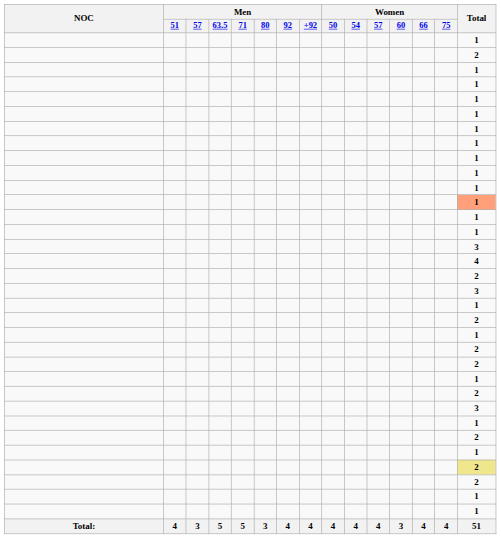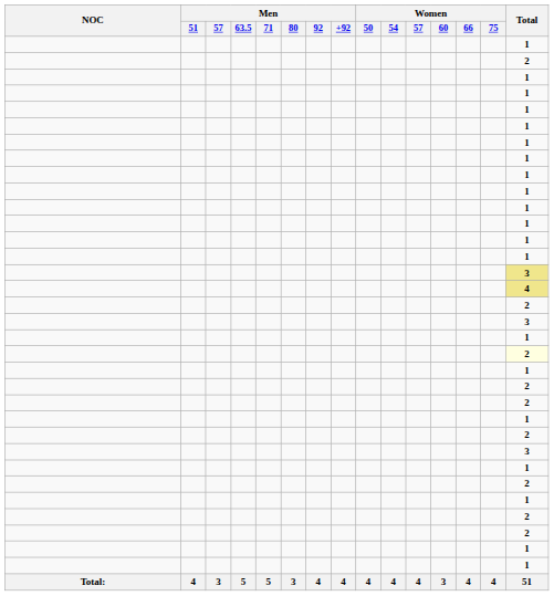 <table class="wikitable" style="text-align:center; font-size:90%">
 <tr>
 <th rowspan=2 width=250>NOC</th>
 <th colspan=7>Men</th>
 <th colspan=6>Women</th>
 <th rowspan=2 width=55>Total</th>
 </tr>
 <tr style="font-size: 95%">
 <th width=30><a href='#'>51</a></th>
 <th width=30><a href='#'>57</a></th>
 <th width=30><a href='#'>63.5</a></th>
 <th width=30><a href='#'>71</a></th>
 <th width=30><a href='#'>80</a></th>
 <th width=30><a href='#'>92</a></th>
 <th width=30><a href='#'>+92</a></th>
 <th width=30><a href='#'>50</a></th>
 <th width=30><a href='#'>54</a></th>
 <th width=30><a href='#'>57</a></th>
 <th width=30><a href='#'>60</a></th>
 <th width=30><a href='#'>66</a></th>
 <th width=30><a href='#'>75</a></th>
 </tr>
 <tr>
 <td align=left></td>
 <td></td>
 <td></td>
 <td></td>
 <td></td>
 <td></td>
 <td></td>
 <td></td>
 <td></td>
 <td></td>
 <td></td>
 <td></td>
 <td></td>
 <td></td>
 <td><strong>1</strong></td>
 </tr>
 <tr>
 <td align=left></td>
 <td></td>
 <td></td>
 <td></td>
 <td></td>
 <td></td>
 <td></td>
 <td></td>
 <td></td>
 <td></td>
 <td></td>
 <td></td>
 <td></td>
 <td></td>
 <td><strong>2</strong></td>
 </tr>
 <tr>
 <td align=left></td>
 <td></td>
 <td></td>
 <td></td>
 <td></td>
 <td></td>
 <td></td>
 <td></td>
 <td></td>
 <td></td>
 <td></td>
 <td></td>
 <td></td>
 <td></td>
 <td><strong>1</strong></td>
 </tr>
 <tr>
 <td align=left></td>
 <td></td>
 <td></td>
 <td></td>
 <td></td>
 <td></td>
 <td></td>
 <td></td>
 <td></td>
 <td></td>
 <td></td>
 <td></td>
 <td></td>
 <td></td>
 <td><strong>1</strong></td>
 </tr>
 <tr>
 <td align=left></td>
 <td></td>
 <td></td>
 <td></td>
 <td></td>
 <td></td>
 <td></td>
 <td></td>
 <td></td>
 <td></td>
 <td></td>
 <td></td>
 <td></td>
 <td></td>
 <td><strong>1</strong></td>
 </tr>
 <tr>
 <td align=left></td>
 <td></td>
 <td></td>
 <td></td>
 <td></td>
 <td></td>
 <td></td>
 <td></td>
 <td></td>
 <td></td>
 <td></td>
 <td></td>
 <td></td>
 <td></td>
 <td><strong>1</strong></td>
 </tr>
 <tr>
 <td align="left"></td>
 <td></td>
 <td></td>
 <td></td>
 <td></td>
 <td></td>
 <td></td>
 <td></td>
 <td></td>
 <td></td>
 <td></td>
 <td></td>
 <td></td>
 <td></td>
 <td><strong>1</strong></td>
 </tr>
 <tr>
 <td align=left></td>
 <td></td>
 <td></td>
 <td></td>
 <td></td>
 <td></td>
 <td></td>
 <td></td>
 <td></td>
 <td></td>
 <td></td>
 <td></td>
 <td></td>
 <td></td>
 <td><strong>1</strong></td>
 </tr>
 <tr>
 <td align=left></td>
 <td></td>
 <td></td>
 <td></td>
 <td></td>
 <td></td>
 <td></td>
 <td></td>
 <td></td>
 <td></td>
 <td></td>
 <td></td>
 <td></td>
 <td></td>
 <td><strong>1</strong></td>
 </tr>
 <tr>
 <td align=left></td>
 <td></td>
 <td></td>
 <td></td>
 <td></td>
 <td></td>
 <td></td>
 <td></td>
 <td></td>
 <td></td>
 <td></td>
 <td></td>
 <td></td>
 <td></td>
 <td><strong>1</strong></td>
 </tr>
 <tr>
 <td align=left></td>
 <td></td>
 <td></td>
 <td></td>
 <td></td>
 <td></td>
 <td></td>
 <td></td>
 <td></td>
 <td></td>
 <td></td>
 <td></td>
 <td></td>
 <td></td>
 <td><strong>1</strong></td>
 </tr>
 <tr>
 <td align=left></td>
 <td></td>
 <td></td>
 <td></td>
 <td></td>
 <td></td>
 <td></td>
 <td></td>
 <td></td>
 <td></td>
 <td></td>
 <td></td>
 <td></td>
 <td></td>
-<td style="background: lightsalmon;"><strong>1</strong></td>
+<td><strong>1</strong></td>
 </tr>
 <tr>
 <td align=left></td>
 <td></td>
 <td></td>
 <td></td>
 <td></td>
 <td></td>
 <td></td>
 <td></td>
 <td></td>
 <td></td>
 <td></td>
 <td></td>
 <td></td>
 <td></td>
 <td><strong>1</strong></td>
 </tr>
 <tr>
 <td align=left></td>
 <td></td>
 <td></td>
 <td></td>
 <td></td>
 <td></td>
 <td></td>
 <td></td>
 <td></td>
 <td></td>
 <td></td>
 <td></td>
 <td></td>
 <td></td>
 <td><strong>1</strong></td>
 </tr>
 <tr>
 <td align=left></td>
 <td></td>
 <td></td>
 <td></td>
 <td></td>
 <td></td>
 <td></td>
 <td></td>
 <td></td>
 <td></td>
 <td></td>
 <td></td>
 <td></td>
 <td></td>
-<td><strong>3</strong></td>
+<td style="background: khaki;"><strong>3</strong></td>
 </tr>
 <tr>
 <td align=left></td>
 <td></td>
 <td></td>
 <td></td>
 <td></td>
 <td></td>
 <td></td>
 <td></td>
 <td></td>
 <td></td>
 <td></td>
 <td></td>
 <td></td>
 <td></td>
-<td><strong>4</strong></td>
+<td style="background: khaki;"><strong>4</strong></td>
 </tr>
 <tr>
 <td align=left></td>
 <td></td>
 <td></td>
 <td></td>
 <td></td>
 <td></td>
 <td></td>
 <td></td>
 <td></td>
 <td></td>
 <td></td>
 <td></td>
 <td></td>
 <td></td>
 <td><strong>2</strong></td>
 </tr>
 <tr>
 <td align=left></td>
 <td></td>
 <td></td>
 <td></td>
 <td></td>
 <td></td>
 <td></td>
 <td></td>
 <td></td>
 <td></td>
 <td></td>
 <td></td>
 <td></td>
 <td></td>
 <td><strong>3</strong></td>
 </tr>
 <tr>
 <td align=left></td>
 <td></td>
 <td></td>
 <td></td>
 <td></td>
 <td></td>
 <td></td>
 <td></td>
 <td></td>
 <td></td>
 <td></td>
 <td></td>
 <td></td>
 <td></td>
 <td><strong>1</strong></td>
 </tr>
 <tr>
 <td align=left></td>
 <td></td>
 <td></td>
 <td></td>
 <td></td>
 <td></td>
 <td></td>
 <td></td>
 <td></td>
 <td></td>
 <td></td>
 <td></td>
 <td></td>
 <td></td>
-<td><strong>2</strong></td>
+<td style="background: lightyellow;"><strong>2</strong></td>
 </tr>
 <tr>
 <td align=left></td>
 <td></td>
 <td></td>
 <td></td>
 <td></td>
 <td></td>
 <td></td>
 <td></td>
 <td></td>
 <td></td>
 <td></td>
 <td></td>
 <td></td>
 <td></td>
 <td><strong>1</strong></td>
 </tr>
 <tr>
 <td align=left></td>
 <td></td>
 <td></td>
 <td></td>
 <td></td>
 <td></td>
 <td></td>
 <td></td>
 <td></td>
 <td></td>
 <td></td>
 <td></td>
 <td></td>
 <td></td>
 <td><strong>2</strong></td>
 </tr>
 <tr>
 <td align=left></td>
 <td></td>
 <td></td>
 <td></td>
 <td></td>
 <td></td>
 <td></td>
 <td></td>
 <td></td>
 <td></td>
 <td></td>
 <td></td>
 <td></td>
 <td></td>
 <td><strong>2</strong></td>
 </tr>
 <tr>
 <td align=left></td>
 <td></td>
 <td></td>
 <td></td>
 <td></td>
 <td></td>
 <td></td>
 <td></td>
 <td></td>
 <td></td>
 <td></td>
 <td></td>
 <td></td>
 <td></td>
 <td><strong>1</strong></td>
 </tr>
 <tr>
 <td align=left></td>
 <td></td>
 <td></td>
 <td></td>
 <td></td>
 <td></td>
 <td></td>
 <td></td>
 <td></td>
 <td></td>
 <td></td>
 <td></td>
 <td></td>
 <td></td>
 <td><strong>2</strong></td>
 </tr>
 <tr>
 <td align=left></td>
 <td></td>
 <td></td>
 <td></td>
 <td></td>
 <td></td>
 <td></td>
 <td></td>
 <td></td>
 <td></td>
 <td></td>
 <td></td>
 <td></td>
 <td></td>
 <td><strong>3</strong></td>
 </tr>
 <tr>
 <td align=left></td>
 <td></td>
 <td></td>
 <td></td>
 <td></td>
 <td></td>
 <td></td>
 <td></td>
 <td></td>
 <td></td>
 <td></td>
 <td></td>
 <td></td>
 <td></td>
 <td><strong>1</strong></td>
 </tr>
 <tr>
 <td align=left></td>
 <td></td>
 <td></td>
 <td></td>
 <td></td>
 <td></td>
 <td></td>
 <td></td>
 <td></td>
 <td></td>
 <td></td>
 <td></td>
 <td></td>
 <td></td>
 <td><strong>2</strong></td>
 </tr>
 <tr>
 <td align=left></td>
 <td></td>
 <td></td>
 <td></td>
 <td></td>
 <td></td>
 <td></td>
 <td></td>
 <td></td>
 <td></td>
 <td></td>
 <td></td>
 <td></td>
 <td></td>
 <td><strong>1</strong></td>
 </tr>
 <tr>
 <td align=left></td>
 <td></td>
 <td></td>
 <td></td>
 <td></td>
 <td></td>
 <td></td>
 <td></td>
 <td></td>
 <td></td>
 <td></td>
 <td></td>
 <td></td>
 <td></td>
-<td style="background: khaki;"><strong>2</strong></td>
+<td><strong>2</strong></td>
 </tr>
 <tr>
 <td align=left></td>
 <td></td>
 <td></td>
 <td></td>
 <td></td>
 <td></td>
 <td></td>
 <td></td>
 <td></td>
 <td></td>
 <td></td>
 <td></td>
 <td></td>
 <td></td>
 <td><strong>2</strong></td>
 </tr>
 <tr>
 <td align=left></td>
 <td></td>
 <td></td>
 <td></td>
 <td></td>
 <td></td>
 <td></td>
 <td></td>
 <td></td>
 <td></td>
 <td></td>
 <td></td>
 <td></td>
 <td></td>
 <td><strong>1</strong></td>
 </tr>
 <tr>
 <td align=left></td>
 <td></td>
 <td></td>
 <td></td>
 <td></td>
 <td></td>
 <td></td>
 <td></td>
 <td></td>
 <td></td>
 <td></td>
 <td></td>
 <td></td>
 <td></td>
 <td><strong>1</strong></td>
 </tr>
 <tr>
 <th>Total:</th>
 <th>4</th>
 <th>3</th>
 <th>5</th>
 <th>5</th>
 <th>3</th>
 <th>4</th>
 <th>4</th>
 <th>4</th>
 <th>4</th>
 <th>4</th>
 <th>3</th>
 <th>4</th>
 <th>4</th>
 <th>51</th>
 </tr>
 </table>
